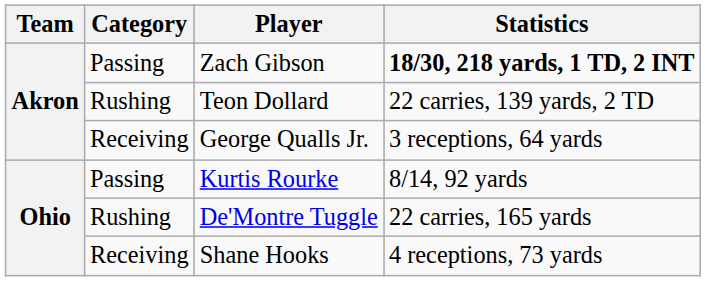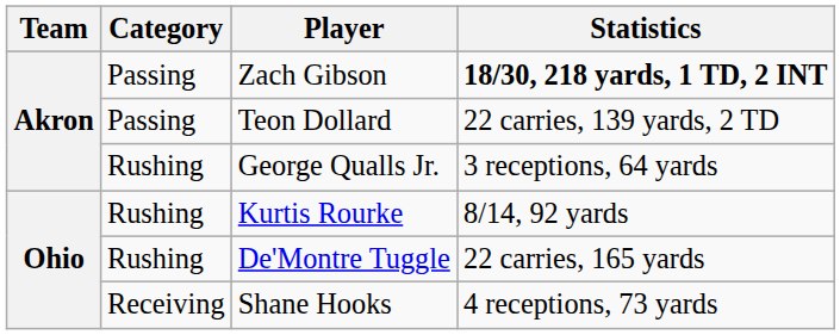 <table class="wikitable" style="float:right">
 <tr>
 <th>Team</th>
 <th>Category</th>
 <th>Player</th>
 <th>Statistics</th>
 </tr>
 <tr>
 <th rowspan=3>Akron</th>
 <td>Passing</td>
 <td>Zach Gibson</td>
 <td><strong>18/30, 218 yards, 1 TD, 2 INT</strong></td>
 </tr>
 <tr>
-<td>Rushing</td>
+<td>Passing</td>
 <td>Teon Dollard</td>
 <td>22 carries, 139 yards, 2 TD</td>
 </tr>
 <tr>
-<td>Receiving</td>
+<td>Rushing</td>
 <td>George Qualls Jr.</td>
 <td>3 receptions, 64 yards</td>
 </tr>
 <tr>
 <th rowspan=3>Ohio</th>
-<td>Passing</td>
+<td>Rushing</td>
 <td><a href='#'>Kurtis Rourke</a></td>
 <td>8/14, 92 yards</td>
 </tr>
 <tr>
 <td>Rushing</td>
 <td><a href='#'>De'Montre Tuggle</a></td>
 <td>22 carries, 165 yards</td>
 </tr>
 <tr>
 <td>Receiving</td>
 <td>Shane Hooks</td>
 <td>4 receptions, 73 yards</td>
 </tr>
 </table>
